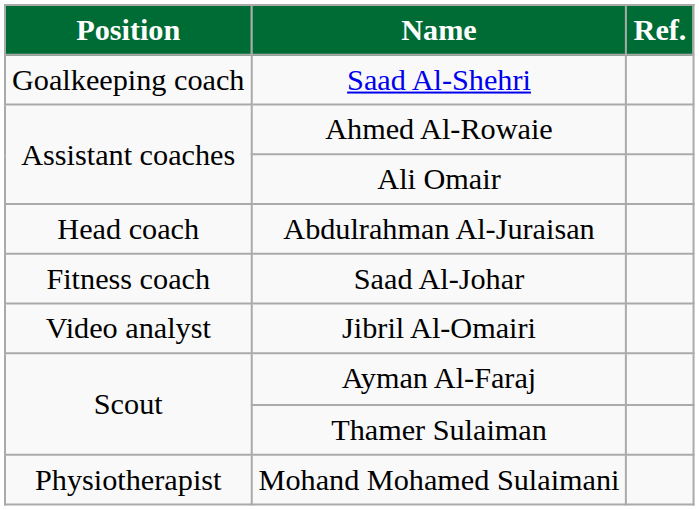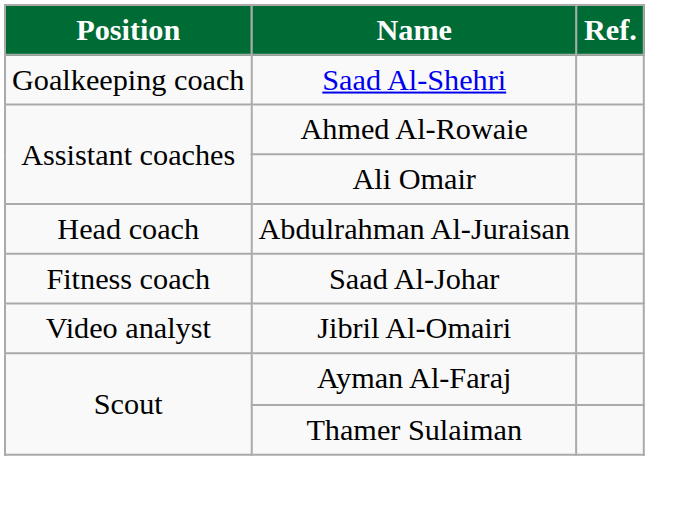 <table class="wikitable plainrowheaders" style="text-align:center; font-size: 95%; border: 1px; text-align: middle; width=20%">
 <tr>
 <th style="background:#006C35; color:white; ">Position</th>
 <th style="background:#006C35; color:white; ">Name</th>
 <th style="background:#006C35; color:white; ">Ref.</th>
 </tr>
 <tr>
 <td>Goalkeeping coach</td>
 <td> <a href='#'>Saad Al-Shehri</a></td>
 <td></td>
 </tr>
 <tr>
 <td rowspan=2>Assistant coaches</td>
 <td> Ahmed Al-Rowaie</td>
 <td></td>
 </tr>
 <tr>
 <td> Ali Omair</td>
 <td></td>
 </tr>
 <tr>
 <td>Head coach</td>
 <td> Abdulrahman Al-Juraisan</td>
 <td></td>
 </tr>
 <tr>
 <td>Fitness coach</td>
 <td> Saad Al-Johar</td>
 <td></td>
 </tr>
 <tr>
 <td>Video analyst</td>
 <td> Jibril Al-Omairi</td>
 <td></td>
 </tr>
 <tr>
 <td rowspan=2>Scout</td>
 <td> Ayman Al-Faraj</td>
 <td></td>
 </tr>
 <tr>
 <td> Thamer Sulaiman</td>
 <td></td>
 </tr>
-<tr>
-<td>Physiotherapist</td>
-<td> Mohand Mohamed Sulaimani</td>
-<td></td>
-</tr>
 </table>
